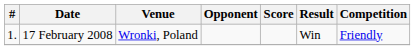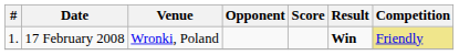 <table class="wikitable">
 <tr>
 <th>#</th>
 <th>Date</th>
 <th>Venue</th>
 <th>Opponent</th>
 <th>Score</th>
 <th>Result</th>
 <th>Competition</th>
 </tr>
 <tr>
 <td>1.</td>
 <td>17 February 2008</td>
 <td><a href='#'>Wronki</a>, Poland</td>
 <td></td>
 <td></td>
-<td>Win</td>
-<td><a href='#'>Friendly</a></td>
+<td><strong>Win</strong></td>
+<td style="background: khaki;"><a href='#'>Friendly</a></td>
 </tr>
 <tr>
 </tr>
 </table>
